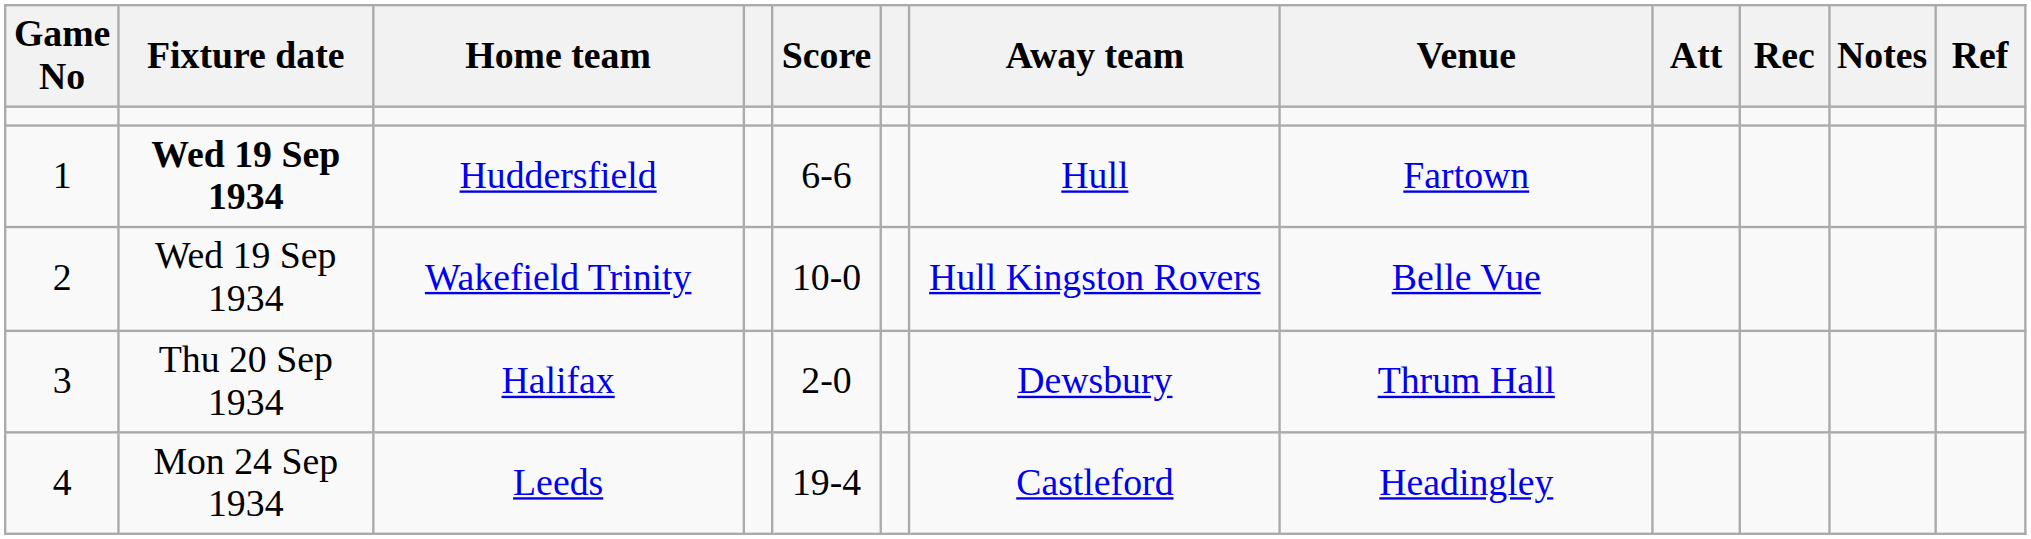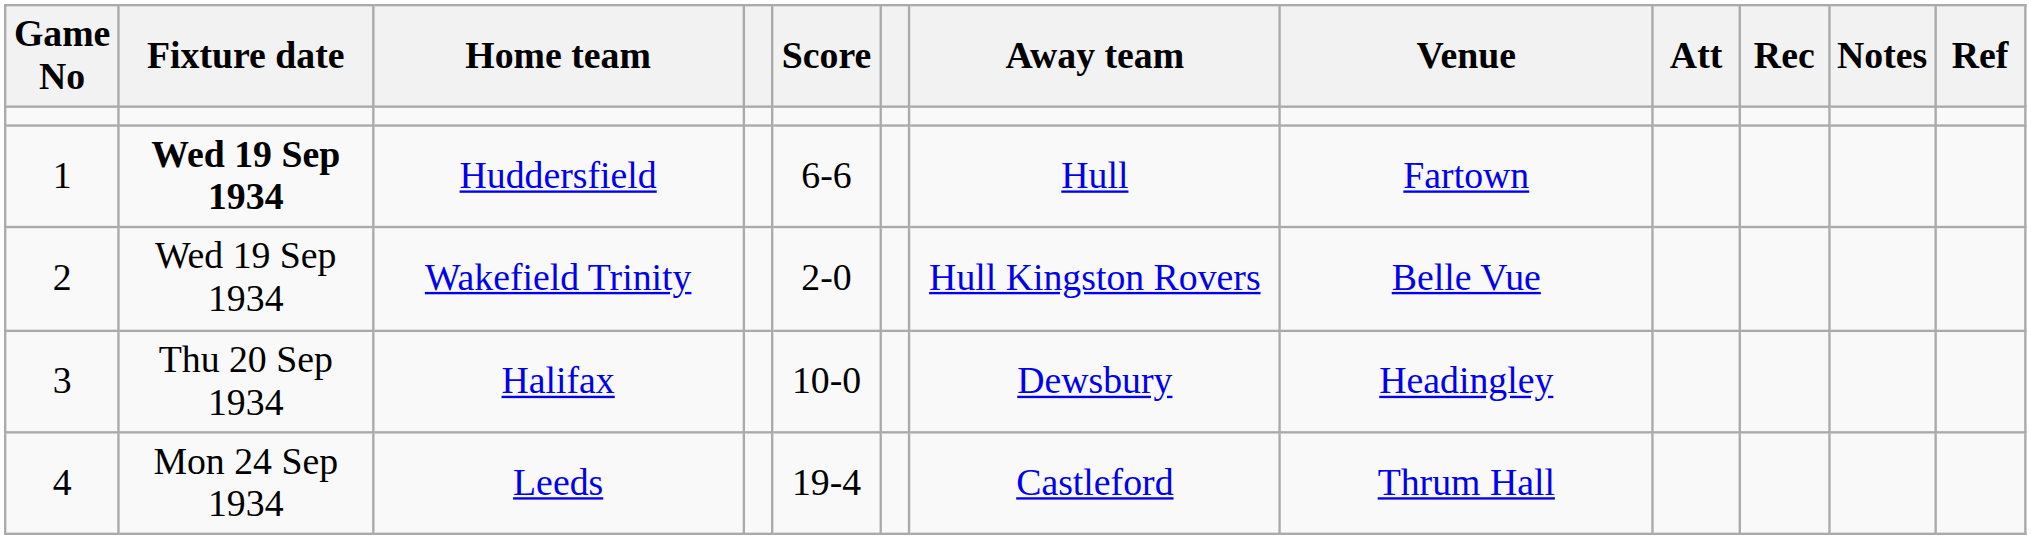 <table class="wikitable" style="text-align:center;">
 <tr>
 <th width=20 abbr="No">Game No</th>
 <th width=100 abbr="Date">Fixture date</th>
 <th width=150 abbr="Home team">Home team</th>
 <th width=5 abbr="space"></th>
 <th width=20 abbr="Score">Score</th>
 <th width=5 abbr="space"></th>
 <th width=150 abbr="Away team">Away team</th>
 <th width=150 abbr="Venue">Venue</th>
 <th width=30 abbr="Att">Att</th>
 <th width=30 abbr="Rec">Rec</th>
 <th width=20 abbr="Notes">Notes</th>
 <th width=30 abbr="Ref">Ref</th>
 </tr>
 <tr>
 <td></td>
 <td></td>
 <td></td>
 <td></td>
 <td></td>
 <td></td>
 <td></td>
 <td></td>
 <td></td>
 <td></td>
 <td></td>
 </tr>
 <tr>
 <td>1</td>
 <td><strong>Wed 19 Sep 1934</strong></td>
 <td><a href='#'>Huddersfield</a></td>
 <td></td>
 <td>6-6</td>
 <td></td>
 <td><a href='#'>Hull</a></td>
 <td><a href='#'>Fartown</a></td>
 <td></td>
 <td></td>
 <td></td>
 <td></td>
 </tr>
 <tr>
 <td>2</td>
 <td>Wed 19 Sep 1934</td>
 <td><a href='#'>Wakefield Trinity</a></td>
 <td></td>
-<td>10-0</td>
+<td>2-0</td>
 <td></td>
 <td><a href='#'>Hull Kingston Rovers</a></td>
 <td><a href='#'>Belle Vue</a></td>
 <td></td>
 <td></td>
 <td></td>
 <td></td>
 </tr>
 <tr>
 <td>3</td>
 <td>Thu 20 Sep 1934</td>
 <td><a href='#'>Halifax</a></td>
 <td></td>
-<td>2-0</td>
+<td>10-0</td>
 <td></td>
 <td><a href='#'>Dewsbury</a></td>
-<td><a href='#'>Thrum Hall</a></td>
+<td><a href='#'>Headingley</a></td>
 <td></td>
 <td></td>
 <td></td>
 <td></td>
 </tr>
 <tr>
 <td>4</td>
 <td>Mon 24 Sep 1934</td>
 <td><a href='#'>Leeds</a></td>
 <td></td>
 <td>19-4</td>
 <td></td>
 <td><a href='#'>Castleford</a></td>
-<td><a href='#'>Headingley</a></td>
+<td><a href='#'>Thrum Hall</a></td>
 <td></td>
 <td></td>
 <td></td>
 <td></td>
 </tr>
 </table>
